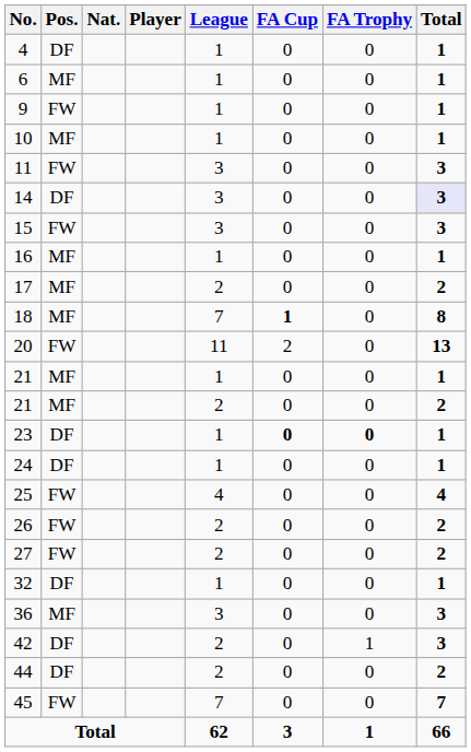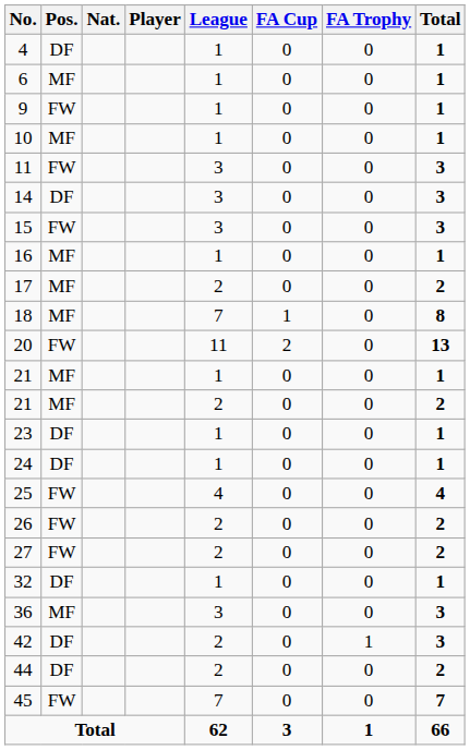 <table class="wikitable sortable" style="text-align:center">
 <tr>
 <th>No.</th>
 <th>Pos.</th>
 <th>Nat.</th>
 <th>Player</th>
 <th><a href='#'>League</a></th>
 <th><a href='#'>FA Cup</a></th>
 <th><a href='#'>FA Trophy</a></th>
 <th>Total</th>
 </tr>
 <tr>
 <td>4</td>
 <td>DF</td>
 <td></td>
 <td align=left></td>
 <td>1</td>
 <td>0</td>
 <td>0</td>
 <td><strong>1</strong></td>
 </tr>
 <tr>
 <td>6</td>
 <td>MF</td>
 <td></td>
 <td align=left></td>
 <td>1</td>
 <td>0</td>
 <td>0</td>
 <td><strong>1</strong></td>
 </tr>
 <tr>
 <td>9</td>
 <td>FW</td>
 <td></td>
 <td align=left></td>
 <td>1</td>
 <td>0</td>
 <td>0</td>
 <td><strong>1</strong></td>
 </tr>
 <tr>
 <td>10</td>
 <td>MF</td>
 <td></td>
 <td align=left></td>
 <td>1</td>
 <td>0</td>
 <td>0</td>
 <td><strong>1</strong></td>
 </tr>
 <tr>
 <td>11</td>
 <td>FW</td>
 <td></td>
 <td align=left></td>
 <td>3</td>
 <td>0</td>
 <td>0</td>
 <td><strong>3</strong></td>
 </tr>
 <tr>
 <td>14</td>
 <td>DF</td>
 <td></td>
 <td align=left></td>
 <td>3</td>
 <td>0</td>
 <td>0</td>
-<td style="background: lavender;"><strong>3</strong></td>
+<td><strong>3</strong></td>
 </tr>
 <tr>
 <td>15</td>
 <td>FW</td>
 <td></td>
 <td align=left></td>
 <td>3</td>
 <td>0</td>
 <td>0</td>
 <td><strong>3</strong></td>
 </tr>
 <tr>
 <td>16</td>
 <td>MF</td>
 <td></td>
 <td align=left></td>
 <td>1</td>
 <td>0</td>
 <td>0</td>
 <td><strong>1</strong></td>
 </tr>
 <tr>
 <td>17</td>
 <td>MF</td>
 <td></td>
 <td align=left></td>
 <td>2</td>
 <td>0</td>
 <td>0</td>
 <td><strong>2</strong></td>
 </tr>
 <tr>
 <td>18</td>
 <td>MF</td>
 <td></td>
 <td align=left></td>
 <td>7</td>
-<td><strong>1</strong></td>
+<td>1</td>
 <td>0</td>
 <td><strong>8</strong></td>
 </tr>
 <tr>
 <td>20</td>
 <td>FW</td>
 <td></td>
 <td align=left></td>
 <td>11</td>
 <td>2</td>
 <td>0</td>
 <td><strong>13</strong></td>
 </tr>
 <tr>
 <td>21</td>
 <td>MF</td>
 <td></td>
 <td align=left></td>
 <td>1</td>
 <td>0</td>
 <td>0</td>
 <td><strong>1</strong></td>
 </tr>
 <tr>
 <td>21</td>
 <td>MF</td>
 <td></td>
 <td align=left></td>
 <td>2</td>
 <td>0</td>
 <td>0</td>
 <td><strong>2</strong></td>
 </tr>
 <tr>
 <td>23</td>
 <td>DF</td>
 <td></td>
 <td align=left></td>
 <td>1</td>
-<td><strong>0</strong></td>
-<td><strong>0</strong></td>
+<td>0</td>
+<td>0</td>
 <td><strong>1</strong></td>
 </tr>
 <tr>
 <td>24</td>
 <td>DF</td>
 <td></td>
 <td align=left></td>
 <td>1</td>
 <td>0</td>
 <td>0</td>
 <td><strong>1</strong></td>
 </tr>
 <tr>
 <td>25</td>
 <td>FW</td>
 <td></td>
 <td align=left></td>
 <td>4</td>
 <td>0</td>
 <td>0</td>
 <td><strong>4</strong></td>
 </tr>
 <tr>
 <td>26</td>
 <td>FW</td>
 <td></td>
 <td align=left></td>
 <td>2</td>
 <td>0</td>
 <td>0</td>
 <td><strong>2</strong></td>
 </tr>
 <tr>
 <td>27</td>
 <td>FW</td>
 <td></td>
 <td align=left></td>
 <td>2</td>
 <td>0</td>
 <td>0</td>
 <td><strong>2</strong></td>
 </tr>
 <tr>
 <td>32</td>
 <td>DF</td>
 <td></td>
 <td align=left></td>
 <td>1</td>
 <td>0</td>
 <td>0</td>
 <td><strong>1</strong></td>
 </tr>
 <tr>
 <td>36</td>
 <td>MF</td>
 <td></td>
 <td align=left></td>
 <td>3</td>
 <td>0</td>
 <td>0</td>
 <td><strong>3</strong></td>
 </tr>
 <tr>
 <td>42</td>
 <td>DF</td>
 <td></td>
 <td align=left></td>
 <td>2</td>
 <td>0</td>
 <td>1</td>
 <td><strong>3</strong></td>
 </tr>
 <tr>
 <td>44</td>
 <td>DF</td>
 <td></td>
 <td align=left></td>
 <td>2</td>
 <td>0</td>
 <td>0</td>
 <td><strong>2</strong></td>
 </tr>
 <tr>
 <td>45</td>
 <td>FW</td>
 <td></td>
 <td align=left></td>
 <td>7</td>
 <td>0</td>
 <td>0</td>
 <td><strong>7</strong></td>
 </tr>
 <tr class="sortbottom">
 <td colspan=4><strong>Total</strong></td>
 <td colspan=1><strong>62</strong></td>
 <td colspan=1><strong>3</strong></td>
 <td colspan=1><strong>1</strong></td>
 <td colspan=1><strong>66</strong></td>
 </tr>
 </table>
